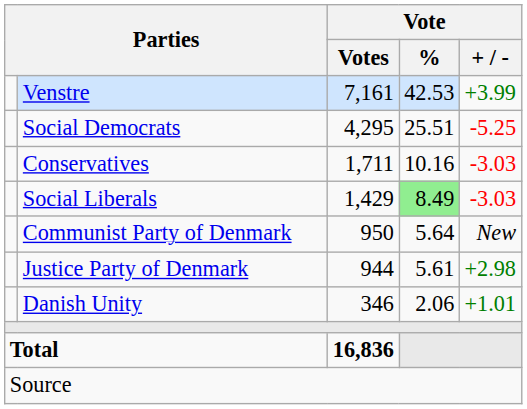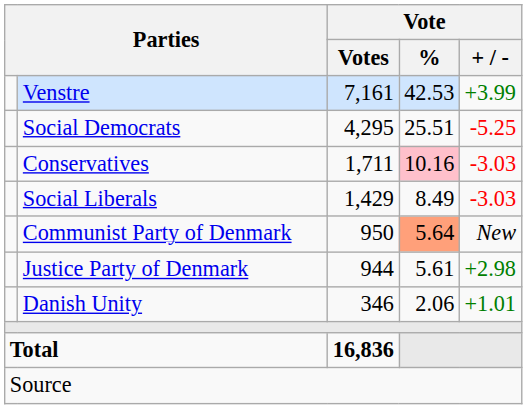 <table class="wikitable" style="text-align:right;">
 <tr>
 <th style="text-align:centre;" rowspan="2" colspan="2" width="225">Parties</th>
 <th colspan="3">Vote</th>
 </tr>
 <tr>
 <th width="15">Votes</th>
 <th width="15">%</th>
 <th width="15">+ / -</th>
 </tr>
 <tr>
 <td width="2" style="color:inherit;background:"></td>
 <td bgcolor=#cfe5fe  align="left"><a href='#'>Venstre</a></td>
 <td bgcolor=#cfe5fe>7,161</td>
 <td bgcolor=#cfe5fe>42.53</td>
 <td style=color:green;>+3.99</td>
 </tr>
 <tr>
 <td width="2" style="color:inherit;background:"></td>
 <td align="left"><a href='#'>Social Democrats</a></td>
 <td>4,295</td>
 <td>25.51</td>
 <td style=color:red;>-5.25</td>
 </tr>
 <tr>
 <td width="2" style="color:inherit;background:"></td>
 <td align="left"><a href='#'>Conservatives</a></td>
 <td>1,711</td>
-<td>10.16</td>
+<td style="background: pink;">10.16</td>
 <td style=color:red;>-3.03</td>
 </tr>
 <tr>
 <td width="2" style="color:inherit;background:"></td>
 <td align="left"><a href='#'>Social Liberals</a></td>
 <td>1,429</td>
-<td style="background: lightgreen;">8.49</td>
+<td>8.49</td>
 <td style=color:red;>-3.03</td>
 </tr>
 <tr>
 <td width="2" style="color:inherit;background:"></td>
 <td align="left"><a href='#'>Communist Party of Denmark</a></td>
 <td>950</td>
-<td>5.64</td>
+<td style="background: lightsalmon;">5.64</td>
 <td><em>New</em></td>
 </tr>
 <tr>
 <td width="2" style="color:inherit;background:"></td>
 <td align="left"><a href='#'>Justice Party of Denmark</a></td>
 <td>944</td>
 <td>5.61</td>
 <td style=color:green;>+2.98</td>
 </tr>
 <tr>
 <td width="2" style="color:inherit;background:"></td>
 <td align="left"><a href='#'>Danish Unity</a></td>
 <td>346</td>
 <td>2.06</td>
 <td style=color:green;>+1.01</td>
 </tr>
 <tr>
 <td colspan="7" bgcolor="#E9E9E9"></td>
 </tr>
 <tr>
 <td align="left" colspan="2"><strong>Total</strong></td>
 <td><strong>16,836</strong></td>
 <td bgcolor="#E9E9E9" colspan="2"></td>
 </tr>
 <tr>
 <td align="left" colspan="6">Source</td>
 </tr>
 </table>
